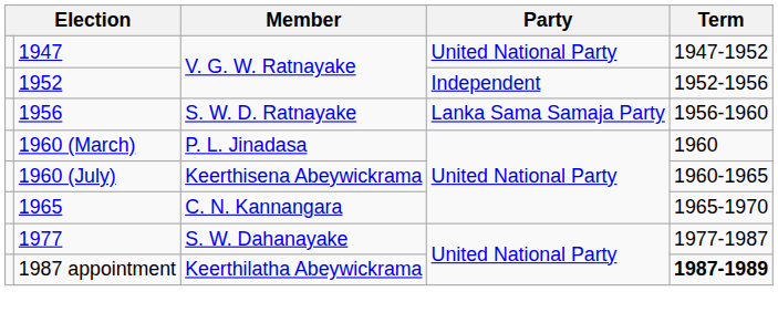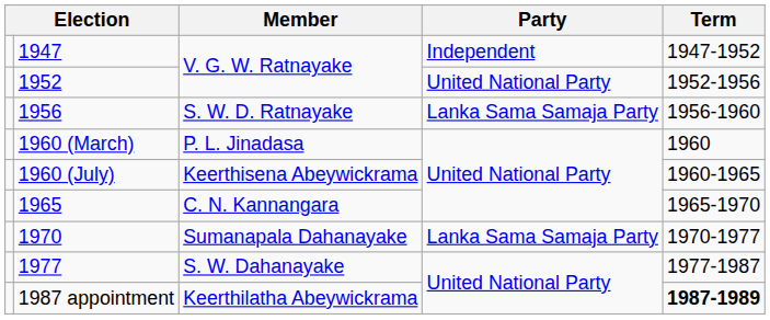 <table class="wikitable">
 <tr>
 <th colspan="2">Election</th>
 <th>Member</th>
 <th>Party</th>
 <th>Term</th>
 </tr>
 <tr>
 <td style="background-color: "></td>
 <td><a href='#'>1947</a></td>
 <td rowspan=2><a href='#'>V. G. W. Ratnayake</a></td>
-<td><a href='#'>United National Party</a></td>
+<td><a href='#'>Independent</a></td>
 <td>1947-1952</td>
 </tr>
 <tr>
 <td style="background-color: "></td>
 <td><a href='#'>1952</a></td>
-<td><a href='#'>Independent</a></td>
+<td><a href='#'>United National Party</a></td>
 <td>1952-1956</td>
 </tr>
 <tr>
 <td style="background-color: "></td>
 <td><a href='#'>1956</a></td>
 <td><a href='#'>S. W. D. Ratnayake</a></td>
 <td><a href='#'>Lanka Sama Samaja Party</a></td>
 <td>1956-1960</td>
 </tr>
 <tr>
 <td style="background-color: "></td>
 <td><a href='#'>1960 (March)</a></td>
 <td><a href='#'>P. L. Jinadasa</a></td>
 <td rowspan=3><a href='#'>United National Party</a></td>
 <td>1960</td>
 </tr>
 <tr>
 <td style="background-color: "></td>
 <td><a href='#'>1960 (July)</a></td>
 <td><a href='#'>Keerthisena Abeywickrama</a></td>
 <td>1960-1965</td>
 </tr>
 <tr>
 <td style="background-color: "></td>
 <td><a href='#'>1965</a></td>
 <td><a href='#'>C. N. Kannangara</a></td>
 <td>1965-1970</td>
 </tr>
 <tr>
 <td style="background-color: "></td>
+<td><a href='#'>1970</a></td>
+<td><a href='#'>Sumanapala Dahanayake</a></td>
+<td><a href='#'>Lanka Sama Samaja Party</a></td>
+<td>1970-1977</td>
+</tr>
+<tr>
+<td style="background-color: "></td>
 <td><a href='#'>1977</a></td>
 <td><a href='#'>S. W. Dahanayake</a></td>
 <td rowspan="2"><a href='#'>United National Party</a></td>
 <td>1977-1987</td>
 </tr>
 <tr>
 <td style="background-color: "></td>
 <td>1987 appointment</td>
 <td><a href='#'>Keerthilatha Abeywickrama</a></td>
 <td><strong>1987-1989</strong></td>
 </tr>
 </table>
